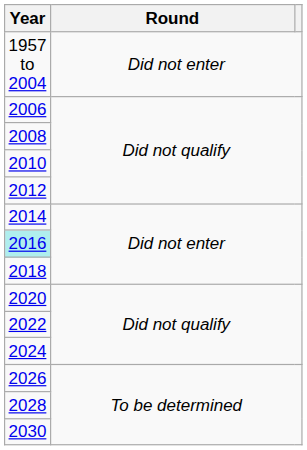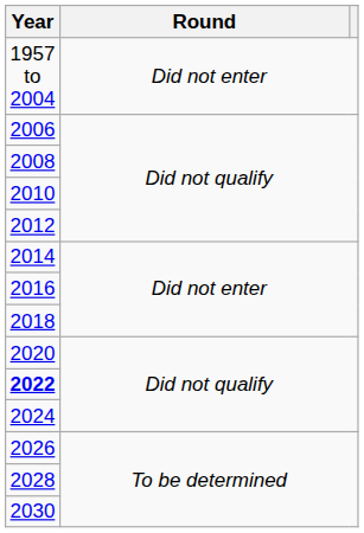 <table class="wikitable" style="text-align: center; font-size:90%">
 <tr>
 <th>Year</th>
 <th style="width:200px">Round</th>
 <th></th>
 </tr>
 <tr>
 <td>1957<br>to<br><a href='#'>2004</a></td>
 <td colspan="2"><em>Did not enter</em></td>
 </tr>
 <tr>
 <td><a href='#'>2006</a></td>
 <td colspan="2" rowspan="4"><em>Did not qualify</em></td>
 </tr>
 <tr>
 <td><a href='#'>2008</a></td>
 </tr>
 <tr>
 <td><a href='#'>2010</a></td>
 </tr>
 <tr>
 <td><a href='#'>2012</a></td>
 </tr>
 <tr>
 <td><a href='#'>2014</a></td>
 <td colspan="2" rowspan="3"><em>Did not enter</em></td>
 </tr>
 <tr>
-<td style="background: paleturquoise;"><a href='#'>2016</a></td>
+<td><a href='#'>2016</a></td>
 </tr>
 <tr>
 <td><a href='#'>2018</a></td>
 </tr>
 <tr>
 <td><a href='#'>2020</a></td>
 <td colspan="2" rowspan="3"><em>Did not qualify</em></td>
 </tr>
 <tr>
-<td><a href='#'>2022</a></td>
+<td><strong><a href='#'>2022</a></strong></td>
 </tr>
 <tr>
 <td><a href='#'>2024</a></td>
 </tr>
 <tr>
 <td><a href='#'>2026</a></td>
 <td colspan="2" rowspan="3"><em>To be determined</em></td>
 </tr>
 <tr>
 <td><a href='#'>2028</a></td>
 </tr>
 <tr>
 <td><a href='#'>2030</a></td>
 </tr>
 </table>
